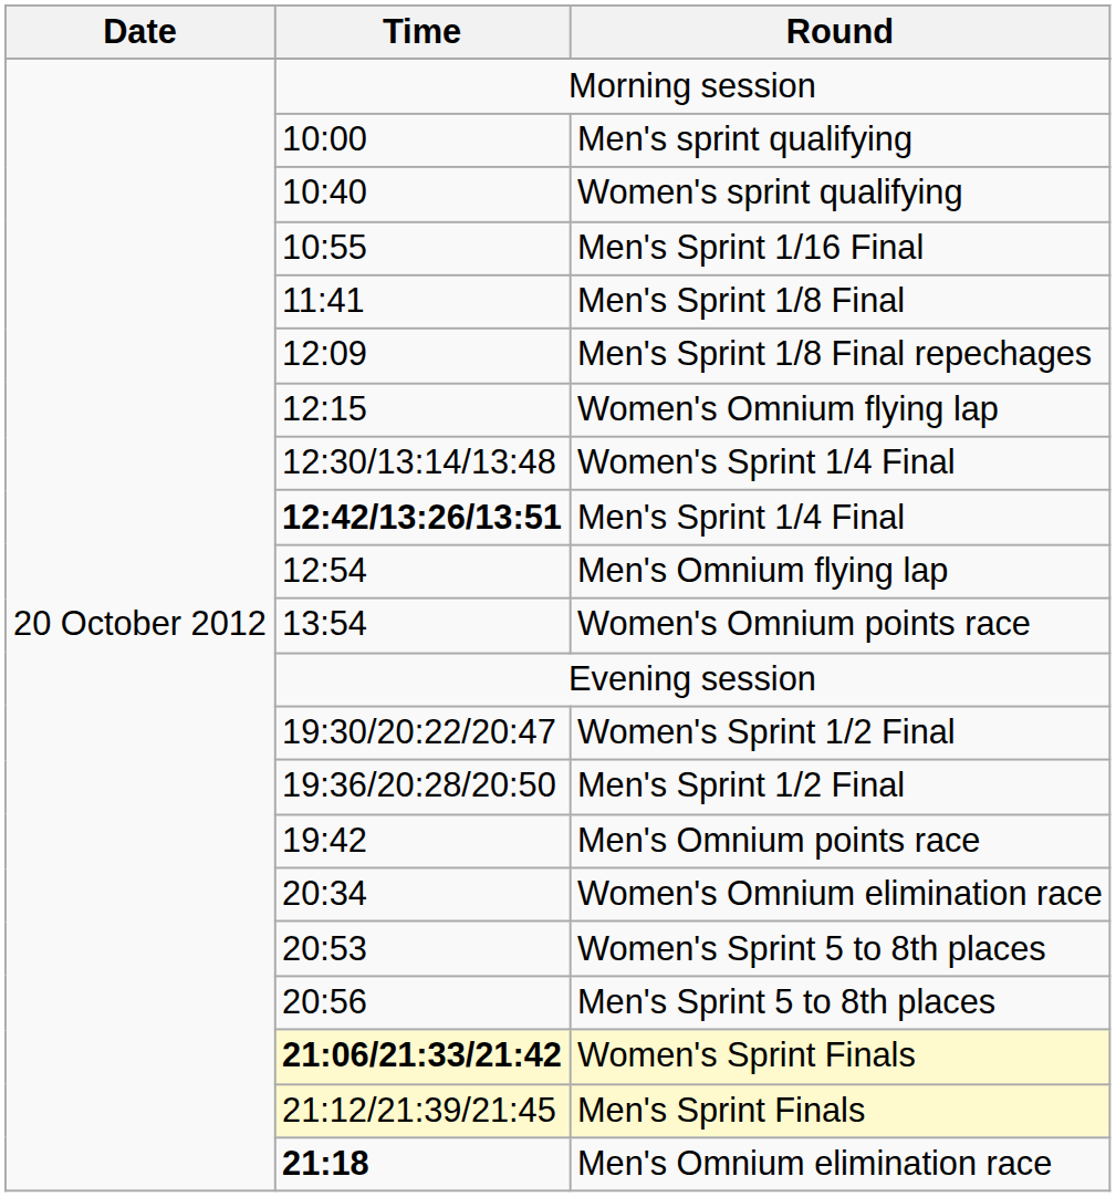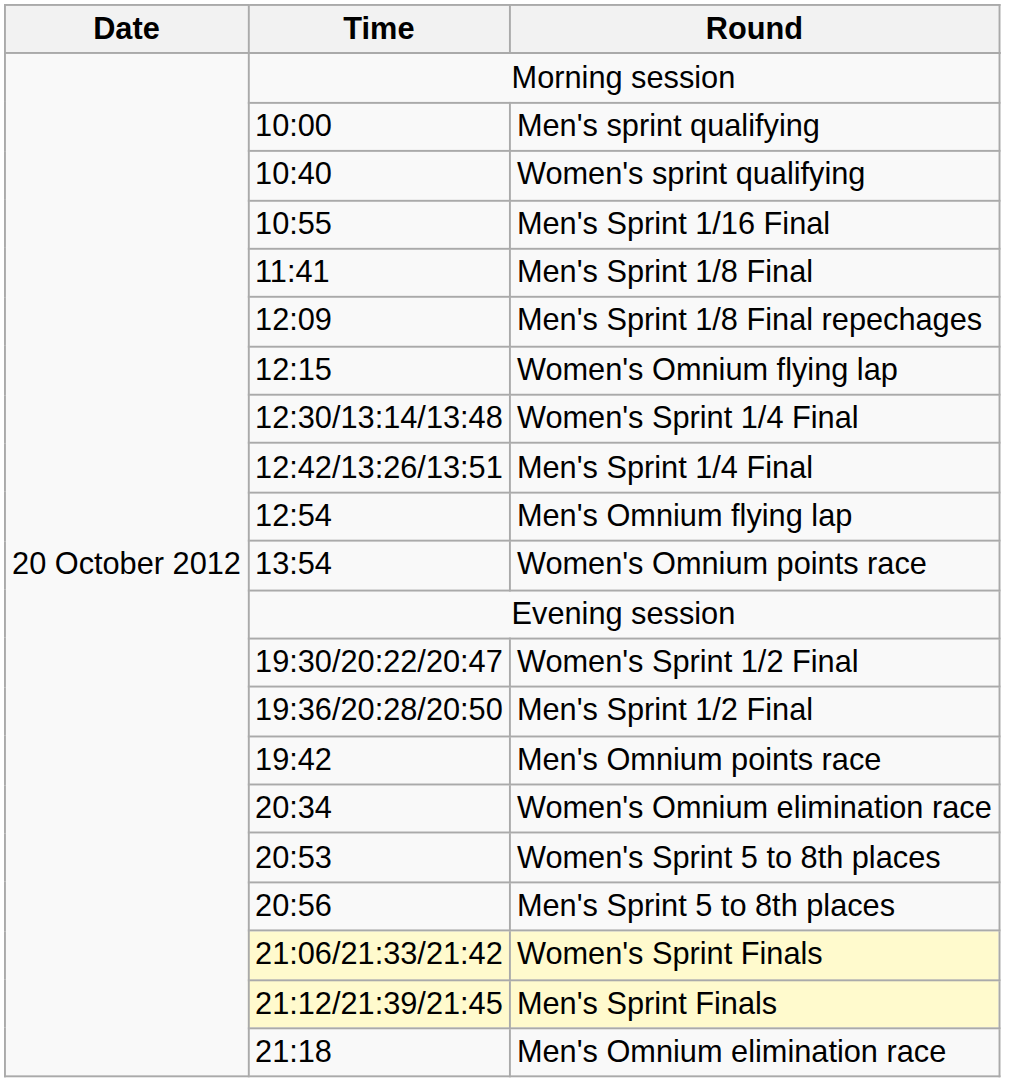 <table class="wikitable">
 <tr>
 <th>Date</th>
 <th>Time</th>
 <th>Round</th>
 </tr>
 <tr>
 <td rowspan=22>20 October 2012</td>
 </tr>
 <tr>
 <td colspan=2 align=center>Morning session</td>
 </tr>
 <tr>
 <td>10:00</td>
 <td>Men's sprint qualifying</td>
 </tr>
 <tr>
 <td>10:40</td>
 <td>Women's sprint qualifying</td>
 </tr>
 <tr>
 <td>10:55</td>
 <td>Men's Sprint 1/16 Final</td>
 </tr>
 <tr>
 <td>11:41</td>
 <td>Men's Sprint 1/8 Final</td>
 </tr>
 <tr>
 <td>12:09</td>
 <td>Men's Sprint 1/8 Final repechages</td>
 </tr>
 <tr>
 <td>12:15</td>
 <td>Women's Omnium flying lap</td>
 </tr>
 <tr>
 <td>12:30/13:14/13:48</td>
 <td>Women's Sprint 1/4 Final</td>
 </tr>
 <tr>
-<td><strong>12:42/13:26/13:51</strong></td>
+<td>12:42/13:26/13:51</td>
 <td>Men's Sprint 1/4 Final</td>
 </tr>
 <tr>
 <td>12:54</td>
 <td>Men's Omnium flying lap</td>
 </tr>
 <tr>
 <td>13:54</td>
 <td>Women's Omnium points race</td>
 </tr>
 <tr>
 <td colspan=2 align=center>Evening session</td>
 </tr>
 <tr>
 <td>19:30/20:22/20:47</td>
 <td>Women's Sprint 1/2 Final</td>
 </tr>
 <tr>
 <td>19:36/20:28/20:50</td>
 <td>Men's Sprint 1/2 Final</td>
 </tr>
 <tr>
 <td>19:42</td>
 <td>Men's Omnium points race</td>
 </tr>
 <tr>
 <td>20:34</td>
 <td>Women's Omnium elimination race</td>
 </tr>
 <tr>
 <td>20:53</td>
 <td>Women's Sprint 5 to 8th places</td>
 </tr>
 <tr>
 <td>20:56</td>
 <td>Men's Sprint 5 to 8th places</td>
 </tr>
 <tr style=background:lemonchiffon>
-<td><strong>21:06/21:33/21:42</strong></td>
+<td>21:06/21:33/21:42</td>
 <td>Women's Sprint Finals</td>
 </tr>
 <tr style=background:lemonchiffon>
 <td>21:12/21:39/21:45</td>
 <td>Men's Sprint Finals</td>
 </tr>
 <tr>
-<td><strong>21:18</strong></td>
+<td>21:18</td>
 <td>Men's Omnium elimination race</td>
 </tr>
 </table>
